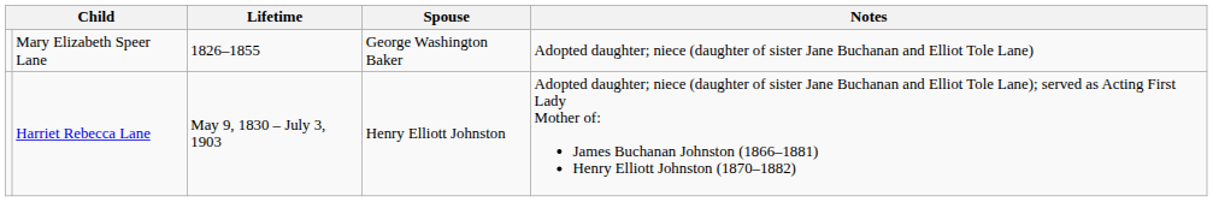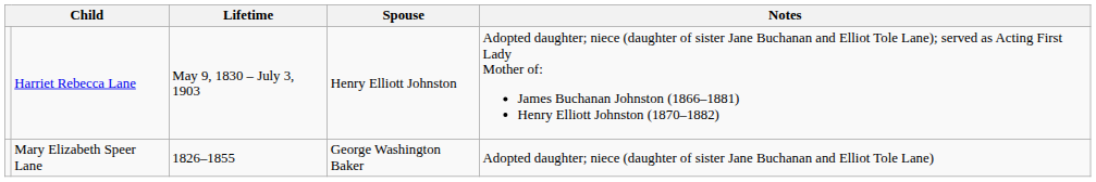 <table class="wikitable">
 <tr>
 <th colspan="2">Child</th>
 <th>Lifetime</th>
 <th>Spouse</th>
 <th>Notes</th>
 </tr>
 <tr>
 <td></td>
+<td><a href='#'>Harriet Rebecca Lane</a></td>
+<td>May 9, 1830 – July 3, 1903</td>
+<td>Henry Elliott Johnston</td>
+<td>Adopted daughter; niece (daughter of sister Jane Buchanan and Elliot Tole Lane); served as Acting First Lady<br>Mother of:<ul><li>James Buchanan Johnston (1866–1881)</li><li>Henry Elliott Johnston (1870–1882)</li></ul></td>
+</tr>
+<tr>
+<td></td>
 <td>Mary Elizabeth Speer Lane</td>
 <td>1826–1855</td>
 <td>George Washington Baker</td>
 <td>Adopted daughter; niece (daughter of sister Jane Buchanan and Elliot Tole Lane)</td>
 </tr>
-<tr>
-<td></td>
-<td><a href='#'>Harriet Rebecca Lane</a></td>
-<td>May 9, 1830 – July 3, 1903</td>
-<td>Henry Elliott Johnston</td>
-<td>Adopted daughter; niece (daughter of sister Jane Buchanan and Elliot Tole Lane); served as Acting First Lady<br>Mother of:<ul><li>James Buchanan Johnston (1866–1881)</li><li>Henry Elliott Johnston (1870–1882)</li></ul></td>
-</tr>
 </table>
